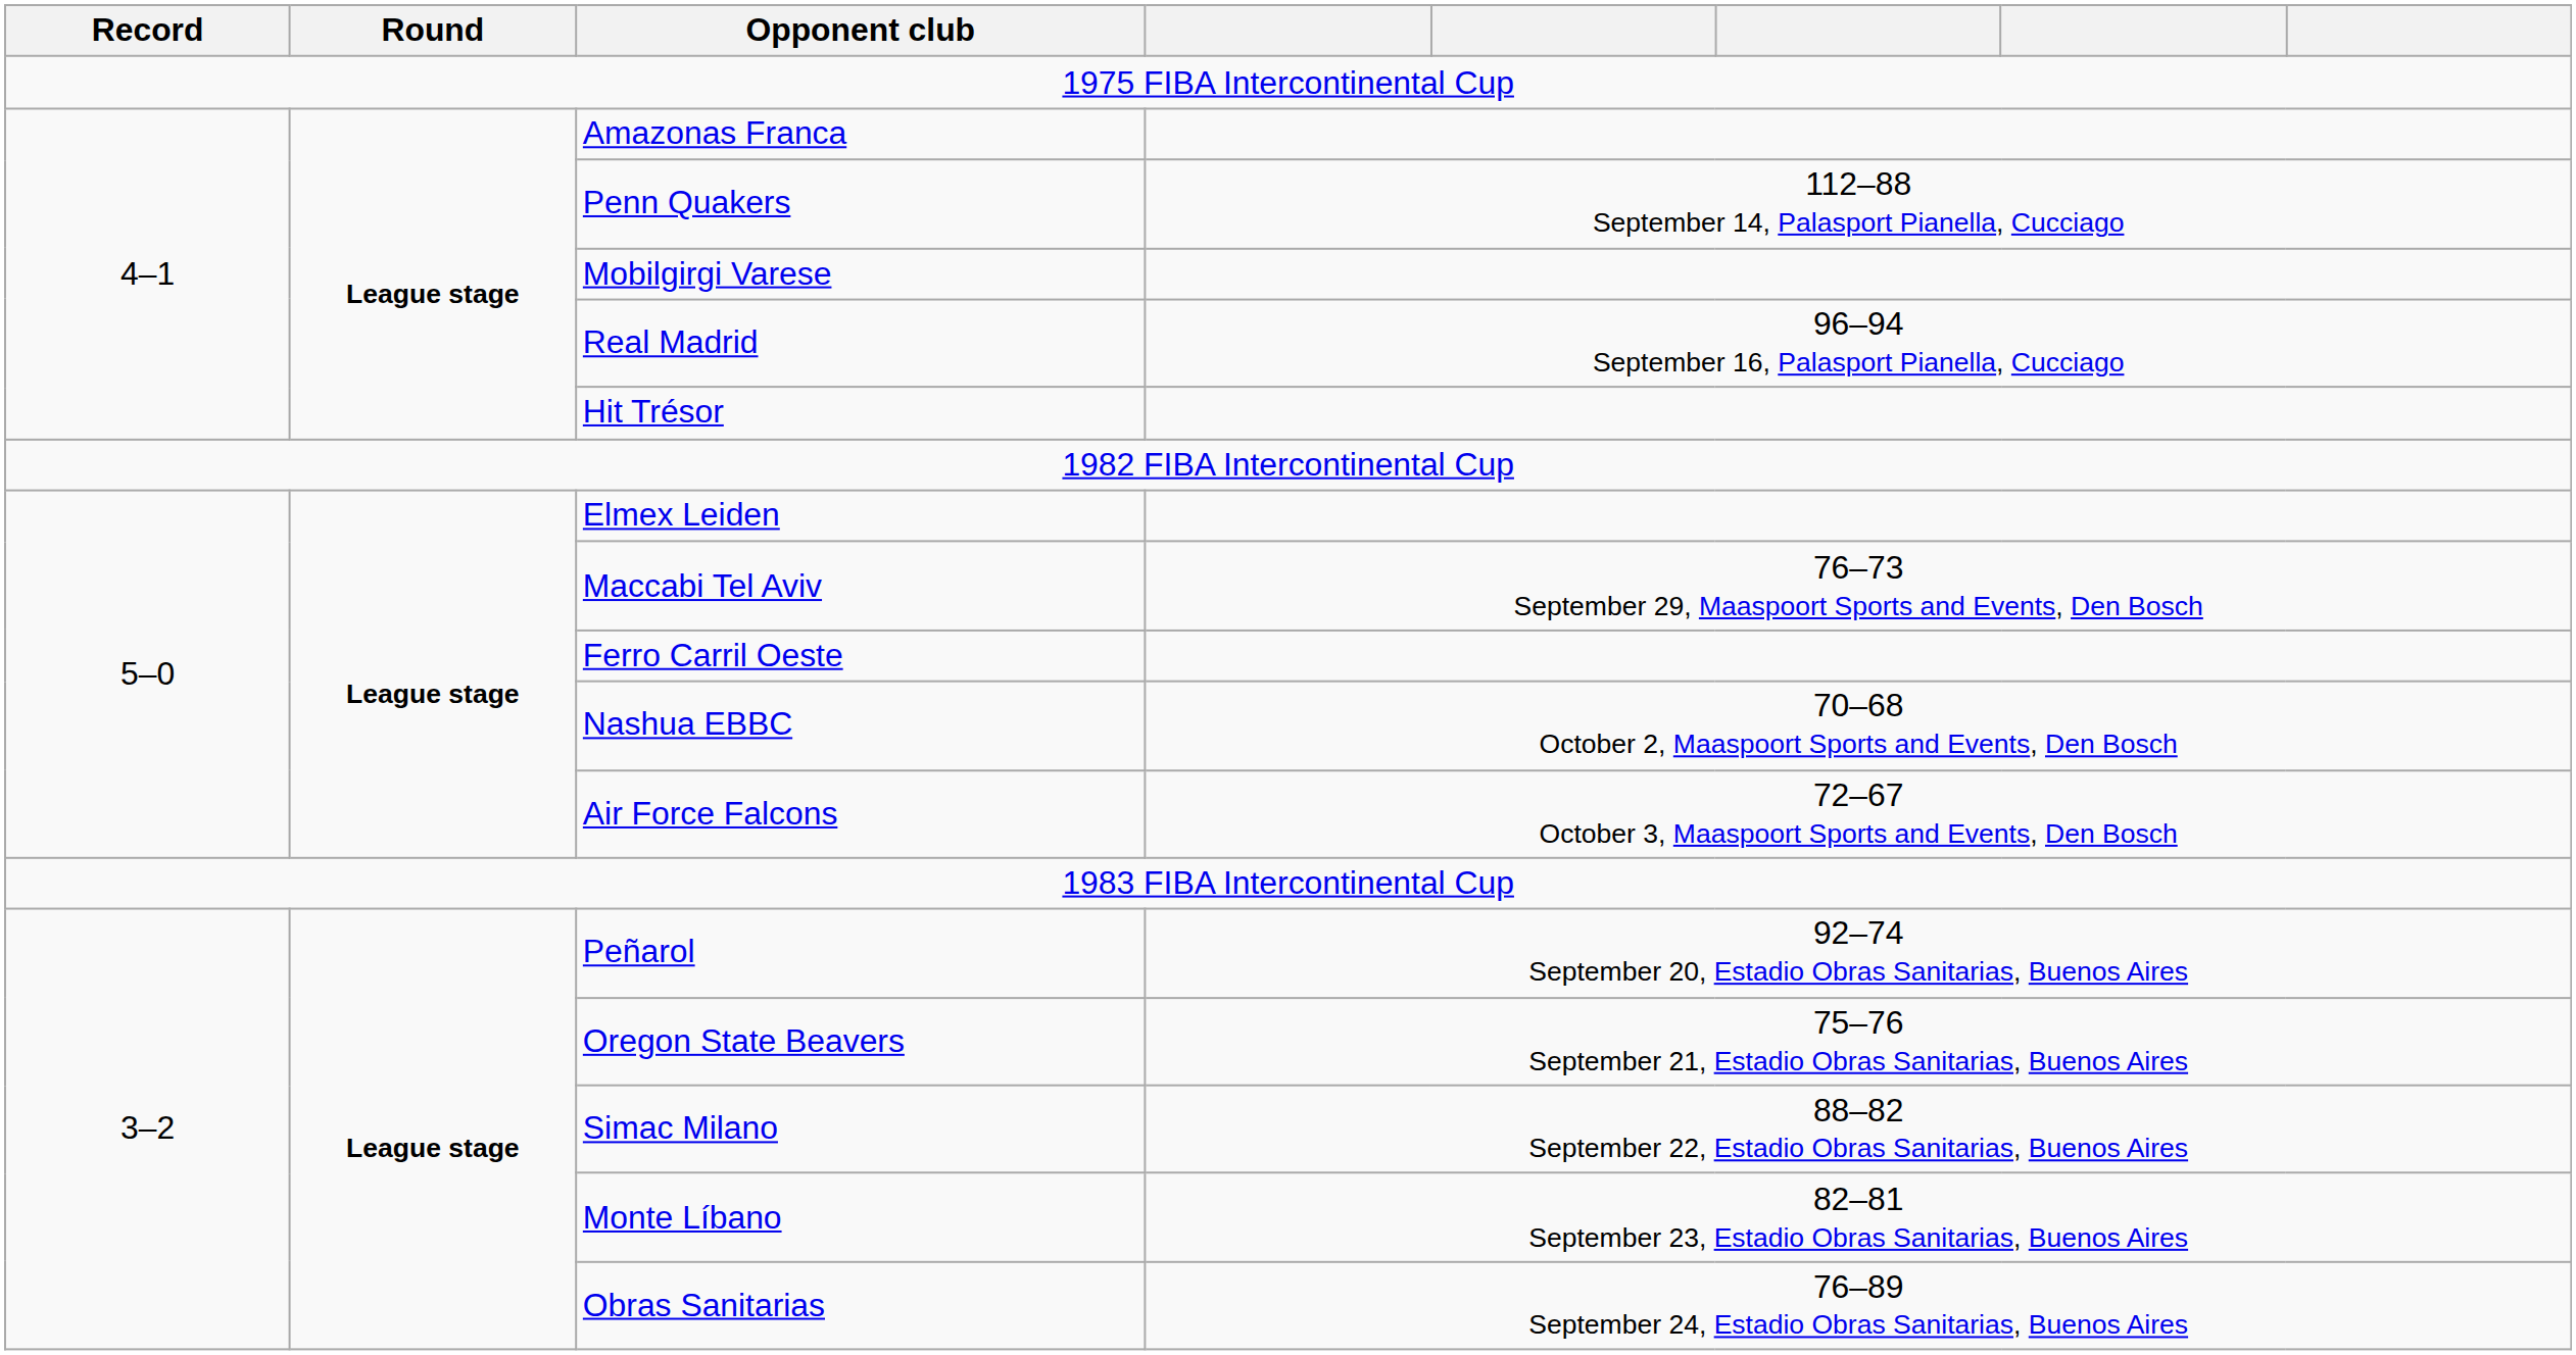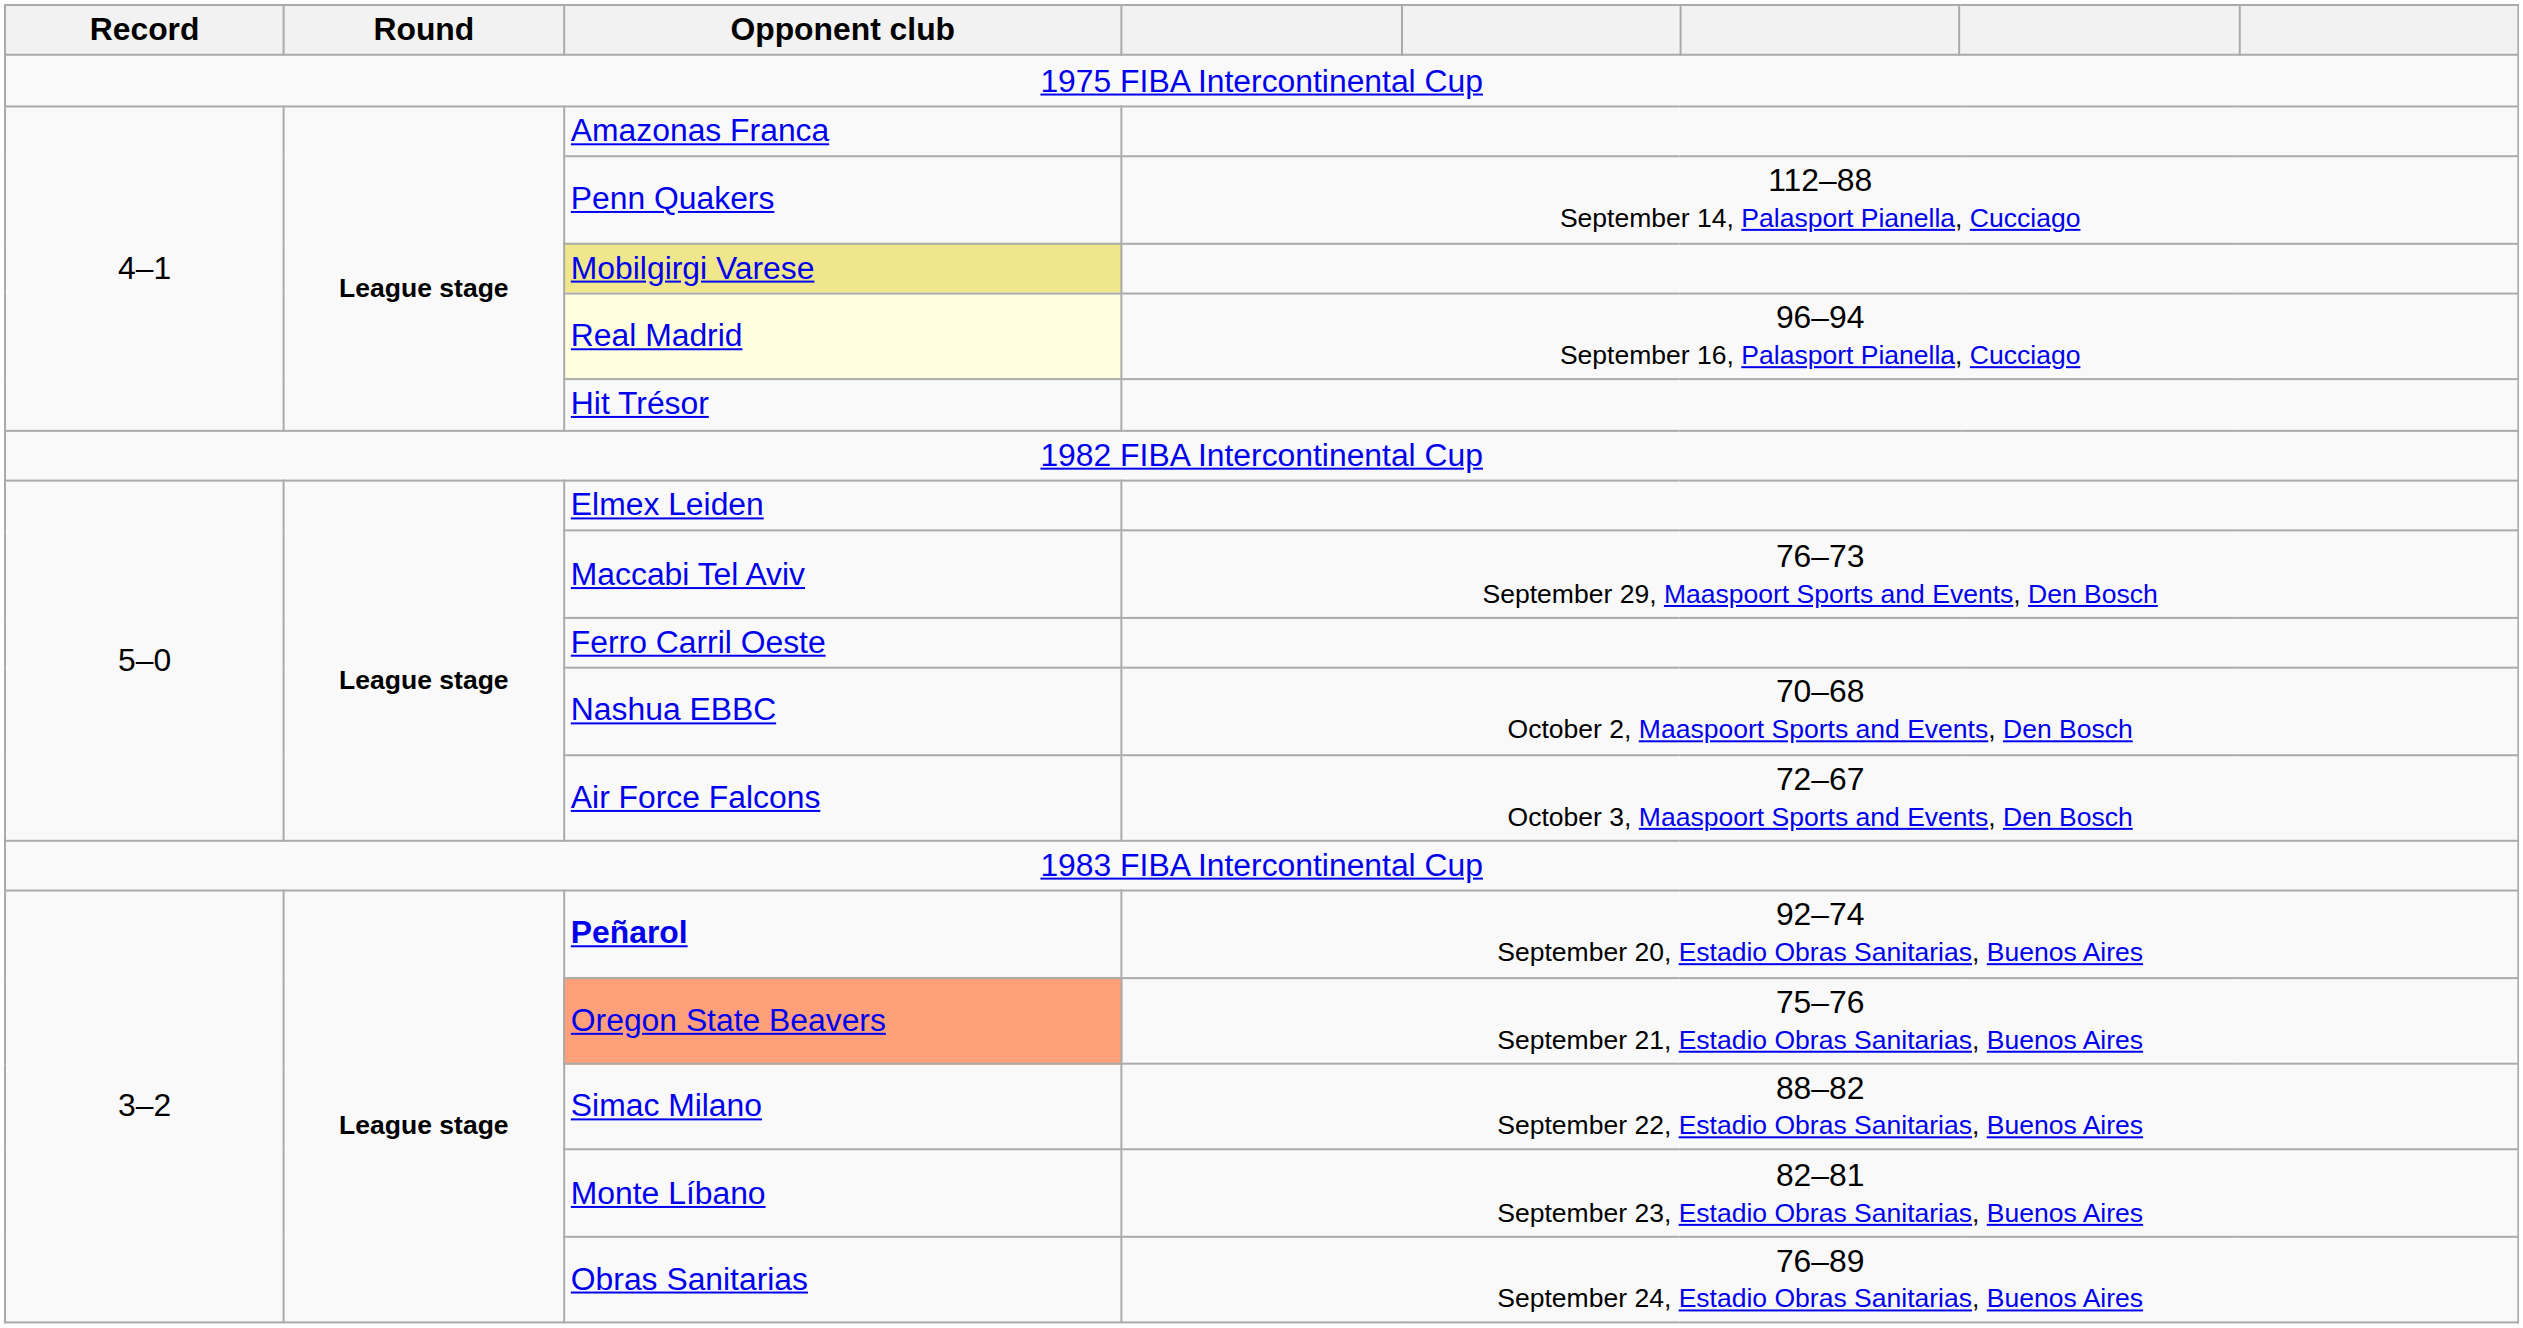 <table class="wikitable" width=100% style="text-align: center;">
 <tr>
 <th width=10%>Record</th>
 <th width=10%>Round</th>
 <th width=20%>Opponent club</th>
 <th width=10%></th>
 <th width=10%></th>
 <th width=10%></th>
 <th width=10%></th>
 <th width=10%></th>
 </tr>
 <tr>
 <td colspan=8><a href='#'>1975 FIBA Intercontinental Cup</a></td>
 </tr>
 <tr>
 <td rowspan=5>4–1</td>
 <td rowspan=5><br><small><strong>League stage</strong></small></td>
 <td align=left> <a href='#'>Amazonas Franca</a></td>
 <td colspan=5></td>
 </tr>
 <tr>
 <td align=left> <a href='#'>Penn Quakers</a></td>
 <td colspan=5 style="text-align:center;">112–88<br><small>September 14, <a href='#'>Palasport Pianella</a>, <a href='#'>Cucciago</a></small></td>
 </tr>
 <tr>
-<td align=left> <a href='#'>Mobilgirgi Varese</a></td>
+<td align=left style="background: khaki;"> <a href='#'>Mobilgirgi Varese</a></td>
 <td colspan=5></td>
 </tr>
 <tr>
-<td align=left> <a href='#'>Real Madrid</a></td>
+<td align=left style="background: lightyellow;"> <a href='#'>Real Madrid</a></td>
 <td colspan=5 style="text-align:center;">96–94<br><small>September 16, <a href='#'>Palasport Pianella</a>, <a href='#'>Cucciago</a></small></td>
 </tr>
 <tr>
 <td align=left> <a href='#'>Hit Trésor</a></td>
 <td colspan=5></td>
 </tr>
 <tr>
 <td colspan=8><a href='#'>1982 FIBA Intercontinental Cup</a></td>
 </tr>
 <tr>
 <td rowspan=5>5–0</td>
 <td rowspan=5><br><small><strong>League stage</strong></small></td>
 <td align=left> <a href='#'>Elmex Leiden</a></td>
 <td colspan=5></td>
 </tr>
 <tr>
 <td align=left> <a href='#'>Maccabi Tel Aviv</a></td>
 <td colspan=5 style="text-align:center;">76–73<br><small>September 29, <a href='#'>Maaspoort Sports and Events</a>, <a href='#'>Den Bosch</a></small></td>
 </tr>
 <tr>
 <td align=left> <a href='#'>Ferro Carril Oeste</a></td>
 <td colspan=5></td>
 </tr>
 <tr>
 <td align=left> <a href='#'>Nashua EBBC</a></td>
 <td colspan=5 style="text-align:center;">70–68<br><small>October 2, <a href='#'>Maaspoort Sports and Events</a>, <a href='#'>Den Bosch</a></small></td>
 </tr>
 <tr>
 <td align=left> <a href='#'>Air Force Falcons</a></td>
 <td colspan=5 style="text-align:center;">72–67<br><small>October 3, <a href='#'>Maaspoort Sports and Events</a>, <a href='#'>Den Bosch</a></small></td>
 </tr>
 <tr>
 <td colspan=8><a href='#'>1983 FIBA Intercontinental Cup</a></td>
 </tr>
 <tr>
 <td rowspan=5>3–2</td>
 <td rowspan=5><br><small><strong>League stage</strong></small></td>
-<td align=left> <a href='#'>Peñarol</a></td>
+<td align=left><strong> <a href='#'>Peñarol</a></strong></td>
 <td colspan=5 style="text-align:center;">92–74<br><small>September 20, <a href='#'>Estadio Obras Sanitarias</a>, <a href='#'>Buenos Aires</a></small></td>
 </tr>
 <tr>
-<td align=left> <a href='#'>Oregon State Beavers</a></td>
+<td align=left style="background: lightsalmon;"> <a href='#'>Oregon State Beavers</a></td>
 <td colspan=5 style="text-align:center;">75–76<br><small>September 21, <a href='#'>Estadio Obras Sanitarias</a>, <a href='#'>Buenos Aires</a></small></td>
 </tr>
 <tr>
 <td align=left> <a href='#'>Simac Milano</a></td>
 <td colspan=5 style="text-align:center;">88–82<br><small>September 22, <a href='#'>Estadio Obras Sanitarias</a>, <a href='#'>Buenos Aires</a></small></td>
 </tr>
 <tr>
 <td align=left> <a href='#'>Monte Líbano</a></td>
 <td colspan=5 style="text-align:center;">82–81<br><small>September 23, <a href='#'>Estadio Obras Sanitarias</a>, <a href='#'>Buenos Aires</a></small></td>
 </tr>
 <tr>
 <td align=left> <a href='#'>Obras Sanitarias</a></td>
 <td colspan=5 style="text-align:center;">76–89<br><small>September 24, <a href='#'>Estadio Obras Sanitarias</a>, <a href='#'>Buenos Aires</a></small></td>
 </tr>
 </table>
